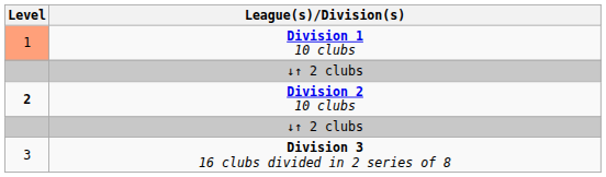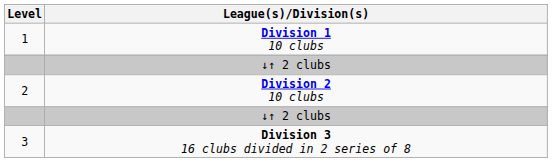 <table class="wikitable" style="text-align: center;">
 <tr>
 <th>Level</th>
 <th colspan="12">League(s)/Division(s)</th>
 </tr>
 <tr>
-<td style="background: lightsalmon;">1</td>
+<td>1</td>
 <td colspan="12"><strong><a href='#'>Division 1</a></strong><br><em>10 clubs</em></td>
 </tr>
 <tr>
 </tr>
 <tr style="background:#c8c8c8">
 <td style="width:4%;"></td>
 <td colspan="9" style="width:96%;">↓↑ 2 clubs</td>
 </tr>
 <tr>
-<td><strong>2</strong></td>
+<td>2</td>
 <td colspan="12"><strong><a href='#'>Division 2</a></strong><br><em>10 clubs</em></td>
 </tr>
 <tr style="background:#c8c8c8">
 <td style="width:4%;"></td>
 <td colspan="9" style="width:96%;">↓↑ 2 clubs</td>
 </tr>
 <tr>
 <td>3</td>
 <td colspan="12"><strong>Division 3</strong><br><em>16 clubs divided in 2 series of 8</em></td>
 </tr>
 </table>
